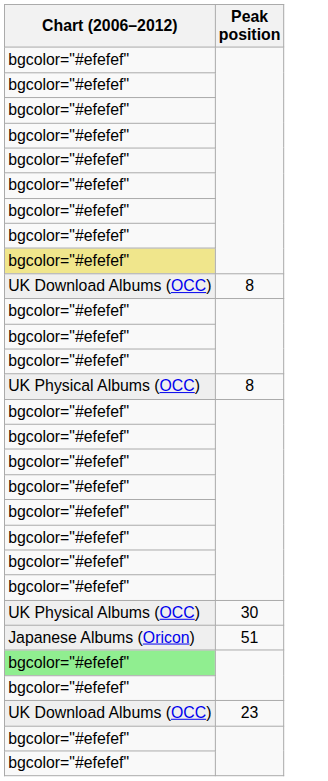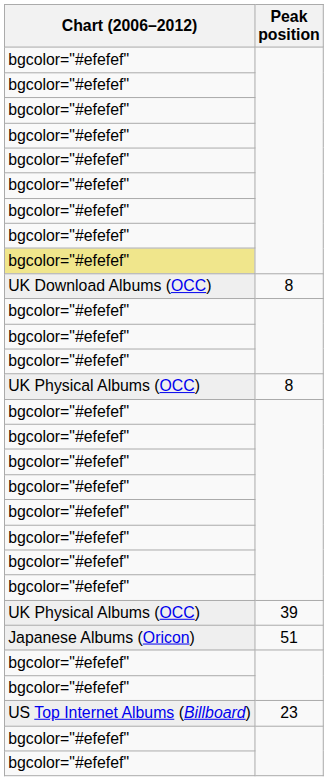 <table class="wikitable sortable plainrowheaders">
 <tr>
 <th>Chart (2006–2012)</th>
 <th>Peak<br>position</th>
 </tr>
 <tr>
 <td>bgcolor="#efefef" </td>
 </tr>
 <tr>
 <td>bgcolor="#efefef" </td>
 </tr>
 <tr>
 <td>bgcolor="#efefef" </td>
 </tr>
 <tr>
 <td>bgcolor="#efefef" </td>
 </tr>
 <tr>
 <td>bgcolor="#efefef" </td>
 </tr>
 <tr>
 <td>bgcolor="#efefef" </td>
 </tr>
 <tr>
 <td>bgcolor="#efefef" </td>
 </tr>
 <tr>
 <td>bgcolor="#efefef" </td>
 </tr>
 <tr>
 <td style="background: khaki;">bgcolor="#efefef" </td>
 </tr>
 <tr>
 <td bgcolor="#efefef">UK Download Albums (<a href='#'>OCC</a>)</td>
 <td align="center">8</td>
 </tr>
 <tr>
 <td>bgcolor="#efefef" </td>
 </tr>
 <tr>
 <td>bgcolor="#efefef" </td>
 </tr>
 <tr>
 <td>bgcolor="#efefef" </td>
 </tr>
 <tr>
 <td bgcolor="#efefef">UK Physical Albums (<a href='#'>OCC</a>)</td>
 <td align="center">8</td>
 </tr>
 <tr>
 <td>bgcolor="#efefef" </td>
 </tr>
 <tr>
 <td>bgcolor="#efefef" </td>
 </tr>
 <tr>
 <td>bgcolor="#efefef" </td>
 </tr>
 <tr>
 <td>bgcolor="#efefef" </td>
 </tr>
 <tr>
 <td>bgcolor="#efefef" </td>
 </tr>
 <tr>
 <td>bgcolor="#efefef" </td>
 </tr>
 <tr>
 <td>bgcolor="#efefef" </td>
 </tr>
 <tr>
 <td>bgcolor="#efefef" </td>
 </tr>
 <tr>
 <td bgcolor="#efefef">UK Physical Albums (<a href='#'>OCC</a>)</td>
-<td align="center">30</td>
+<td align="center">39</td>
 </tr>
 <tr>
 <td bgcolor="#efefef">Japanese Albums (<a href='#'>Oricon</a>)</td>
 <td align="center">51</td>
 </tr>
 <tr>
-<td style="background: lightgreen;">bgcolor="#efefef" </td>
+<td>bgcolor="#efefef" </td>
 </tr>
 <tr>
 <td>bgcolor="#efefef" </td>
 </tr>
 <tr>
-<td bgcolor="#efefef">UK Download Albums (<a href='#'>OCC</a>)</td>
+<td bgcolor="#efefef">US <a href='#'>Top Internet Albums</a> (<em><a href='#'>Billboard</a></em>)</td>
 <td align="center">23</td>
 </tr>
 <tr>
 <td>bgcolor="#efefef" </td>
 </tr>
 <tr>
 <td>bgcolor="#efefef" </td>
 </tr>
 </table>
